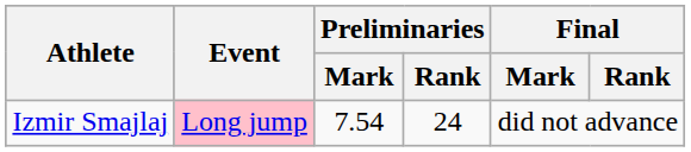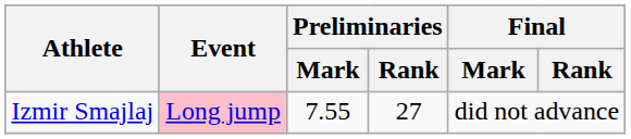 <table class=wikitable style="font-size:90%;">
 <tr>
 <th rowspan=2>Athlete</th>
 <th rowspan=2>Event</th>
 <th colspan=2>Preliminaries</th>
 <th colspan=2>Final</th>
 </tr>
 <tr>
 <th>Mark</th>
 <th>Rank</th>
 <th>Mark</th>
 <th>Rank</th>
 </tr>
 <tr>
 <td><a href='#'>Izmir Smajlaj</a></td>
 <td style="background: pink;"><a href='#'>Long jump</a></td>
-<td align="center">7.54</td>
-<td align="center">24</td>
+<td align="center">7.55</td>
+<td align="center">27</td>
 <td colspan=2>did not advance</td>
 </tr>
 </table>
